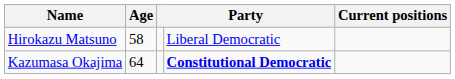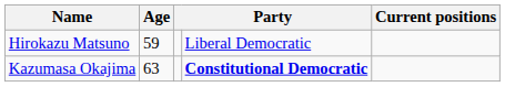 <table class="wikitable">
 <tr style="white-space:nowrap;">
 <th>Name</th>
 <th>Age</th>
 <th colspan=2>Party</th>
 <th>Current positions</th>
 </tr>
 <tr>
 <td><a href='#'>Hirokazu Matsuno</a></td>
-<td>58</td>
+<td>59</td>
 <td style="background:"></td>
 <td><a href='#'>Liberal Democratic</a></td>
 <td><br></td>
 </tr>
 <tr>
 <td><a href='#'>Kazumasa Okajima</a></td>
-<td>64</td>
+<td>63</td>
 <td style="background:"></td>
 <td><strong><a href='#'>Constitutional Democratic</a></strong></td>
 <td><br></td>
 </tr>
 </table>
